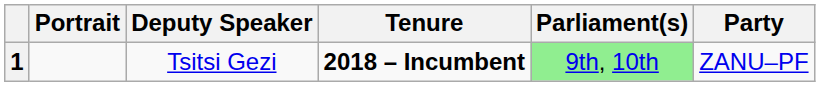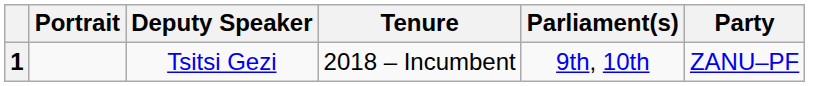 <table class="wikitable" style="text-align: center;">
 <tr>
 <th></th>
 <th>Portrait</th>
 <th>Deputy Speaker</th>
 <th>Tenure</th>
 <th>Parliament(s)</th>
 <th>Party</th>
 </tr>
 <tr>
 <th rowspan="2" style="background:">1</th>
 <td></td>
 <td><a href='#'>Tsitsi Gezi</a></td>
-<td><strong>2018 – Incumbent</strong></td>
-<td style="background: lightgreen;"><a href='#'>9th</a>, <a href='#'>10th</a></td>
+<td>2018 – Incumbent</td>
+<td><a href='#'>9th</a>, <a href='#'>10th</a></td>
 <td><a href='#'>ZANU–PF</a></td>
 </tr>
 </table>
